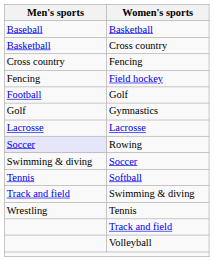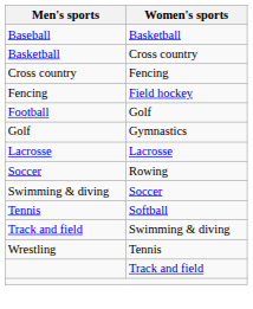 <table class="wikitable" style=" ">
 <tr>
 <th width=150px>Men's sports</th>
 <th width=150px>Women's sports</th>
 </tr>
 <tr>
 <td><a href='#'>Baseball</a></td>
 <td><a href='#'>Basketball</a></td>
 </tr>
 <tr>
 <td><a href='#'>Basketball</a></td>
 <td>Cross country</td>
 </tr>
 <tr>
 <td>Cross country</td>
 <td>Fencing</td>
 </tr>
 <tr>
 <td>Fencing</td>
 <td><a href='#'>Field hockey</a></td>
 </tr>
 <tr>
 <td><a href='#'>Football</a></td>
 <td>Golf</td>
 </tr>
 <tr>
 <td>Golf</td>
 <td>Gymnastics</td>
 </tr>
 <tr>
 <td><a href='#'>Lacrosse</a></td>
 <td><a href='#'>Lacrosse</a></td>
 </tr>
 <tr>
-<td style="background: lavender;"><a href='#'>Soccer</a></td>
+<td><a href='#'>Soccer</a></td>
 <td>Rowing</td>
 </tr>
 <tr>
 <td>Swimming & diving</td>
 <td><a href='#'>Soccer</a></td>
 </tr>
 <tr>
 <td><a href='#'>Tennis</a></td>
 <td><a href='#'>Softball</a></td>
 </tr>
 <tr>
 <td><a href='#'>Track and field</a></td>
 <td>Swimming & diving</td>
 </tr>
 <tr>
 <td>Wrestling</td>
 <td>Tennis</td>
 </tr>
 <tr>
 <td></td>
 <td><a href='#'>Track and field</a></td>
 </tr>
 <tr>
-<td></td>
-<td>Volleyball</td>
-</tr>
-<tr>
 <td colspan="2"></td>
 </tr>
 </table>
